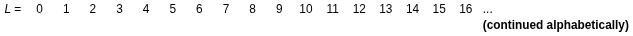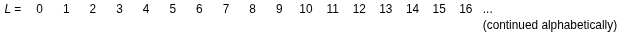 <table style="text-align:center; line-height:110%; padding-left: 1em">
 <tr>
 <td style="width:2em"><em>L</em> =</td>
 <td style="width:2em">0</td>
 <td style="width:2em">1</td>
 <td style="width:2em">2</td>
 <td style="width:2em">3</td>
 <td style="width:2em">4</td>
 <td style="width:2em">5</td>
 <td style="width:2em">6</td>
 <td style="width:2em">7</td>
 <td style="width:2em">8</td>
 <td style="width:2em">9</td>
 <td style="width:2em">10</td>
 <td style="width:2em">11</td>
 <td style="width:2em">12</td>
 <td style="width:2em">13</td>
 <td style="width:2em">14</td>
 <td style="width:2em">15</td>
 <td style="width:2em">16</td>
 <td style="text-align:left; padding-left:0.25em;">...</td>
 </tr>
 <tr>
 <td></td>
 <td></td>
 <td></td>
 <td></td>
 <td></td>
 <td></td>
 <td></td>
 <td></td>
 <td></td>
 <td></td>
 <td></td>
 <td></td>
 <td></td>
 <td></td>
 <td></td>
 <td></td>
 <td></td>
 <td></td>
-<td style="text-align:left; padding-left:0.25em;"><strong>(continued alphabetically)</strong></td>
+<td style="text-align:left; padding-left:0.25em;">(continued alphabetically)</td>
 </tr>
 </table>
